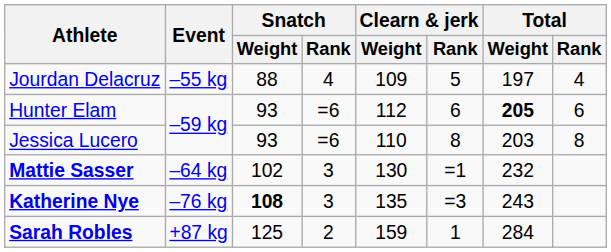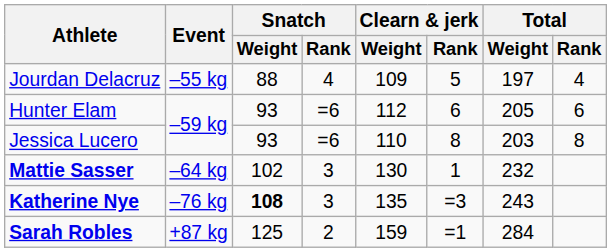 <table class=wikitable style=font-size:90%;text-align:center>
 <tr>
 <th rowspan=2>Athlete</th>
 <th rowspan=2>Event</th>
 <th colspan=2>Snatch</th>
 <th colspan=2>Clearn & jerk</th>
 <th colspan=2>Total</th>
 </tr>
 <tr style=font-size:95%>
 <th>Weight</th>
 <th>Rank</th>
 <th>Weight</th>
 <th>Rank</th>
 <th>Weight</th>
 <th>Rank</th>
 </tr>
 <tr>
 <td align=left><a href='#'>Jourdan Delacruz</a></td>
 <td align=left><a href='#'>–55 kg</a></td>
 <td>88</td>
 <td>4</td>
 <td>109</td>
 <td>5</td>
 <td>197</td>
 <td>4</td>
 </tr>
 <tr>
 <td align=left><a href='#'>Hunter Elam</a></td>
 <td align=left rowspan=2><a href='#'>–59 kg</a></td>
 <td>93</td>
 <td>=6</td>
 <td>112</td>
 <td>6</td>
-<td><strong>205</strong></td>
+<td>205</td>
 <td>6</td>
 </tr>
 <tr>
 <td align=left><a href='#'>Jessica Lucero</a></td>
 <td>93</td>
 <td>=6</td>
 <td>110</td>
 <td>8</td>
 <td>203</td>
 <td>8</td>
 </tr>
 <tr>
 <td align=left><strong><a href='#'>Mattie Sasser</a></strong></td>
 <td align=left><a href='#'>–64 kg</a></td>
 <td>102</td>
 <td>3</td>
 <td>130</td>
-<td>=1</td>
+<td>1</td>
 <td>232</td>
 <td></td>
 </tr>
 <tr>
 <td align=left><strong><a href='#'>Katherine Nye</a></strong></td>
 <td align=left><a href='#'>–76 kg</a></td>
 <td><strong>108</strong></td>
 <td>3</td>
 <td>135</td>
 <td>=3</td>
 <td>243</td>
 <td></td>
 </tr>
 <tr>
 <td align=left><strong><a href='#'>Sarah Robles</a></strong></td>
 <td align=left><a href='#'>+87 kg</a></td>
 <td>125</td>
 <td>2</td>
 <td>159</td>
-<td>1</td>
+<td>=1</td>
 <td>284</td>
 <td></td>
 </tr>
 </table>
